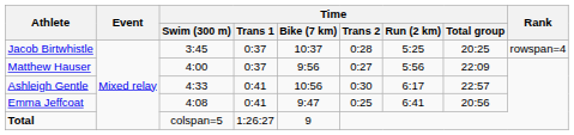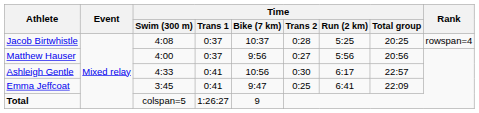 <table class="wikitable" style="font-size:90%;text-align:center;">
 <tr>
 <th rowspan=2>Athlete</th>
 <th rowspan=2>Event</th>
 <th colspan=6>Time</th>
 <th rowspan=2>Rank</th>
 </tr>
 <tr style="font-size:95%">
 <th>Swim (300 m)</th>
 <th>Trans 1</th>
 <th>Bike (7 km)</th>
 <th>Trans 2</th>
 <th>Run (2 km)</th>
 <th>Total group</th>
 </tr>
 <tr>
 <td align=left><a href='#'>Jacob Birtwhistle</a></td>
 <td align=left rowspan=5><a href='#'>Mixed relay</a></td>
-<td>3:45</td>
+<td>4:08</td>
 <td>0:37</td>
 <td>10:37</td>
 <td>0:28</td>
 <td>5:25</td>
 <td>20:25</td>
 <td>rowspan=4 </td>
 </tr>
 <tr>
 <td align=left><a href='#'>Matthew Hauser</a></td>
 <td>4:00</td>
 <td>0:37</td>
 <td>9:56</td>
 <td>0:27</td>
 <td>5:56</td>
-<td>22:09</td>
+<td>20:56</td>
 </tr>
 <tr>
 <td align=left><a href='#'>Ashleigh Gentle</a></td>
 <td>4:33</td>
 <td>0:41</td>
 <td>10:56</td>
 <td>0:30</td>
 <td>6:17</td>
 <td>22:57</td>
 </tr>
 <tr>
 <td align=left><a href='#'>Emma Jeffcoat</a></td>
-<td>4:08</td>
+<td>3:45</td>
 <td>0:41</td>
 <td>9:47</td>
 <td>0:25</td>
 <td>6:41</td>
-<td>20:56</td>
+<td>22:09</td>
 </tr>
 <tr>
 <td align=left><strong>Total</strong></td>
 <td>colspan=5 </td>
 <td>1:26:27</td>
 <td>9</td>
 </tr>
 </table>
